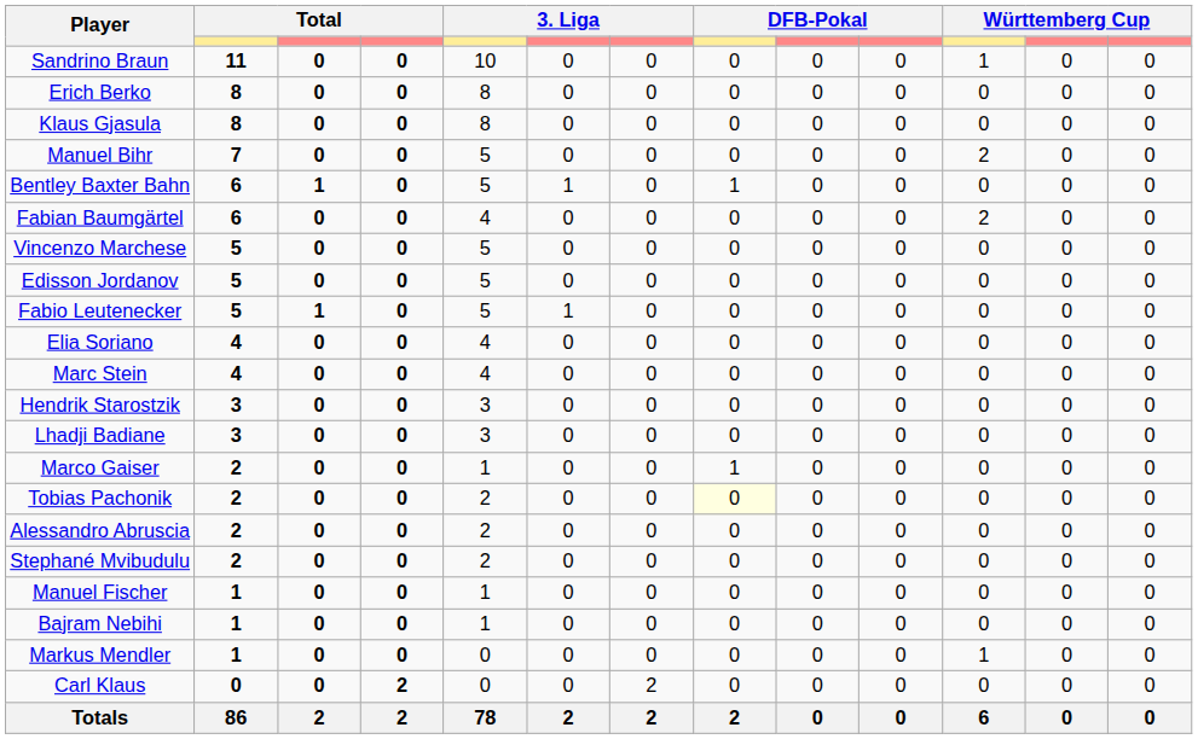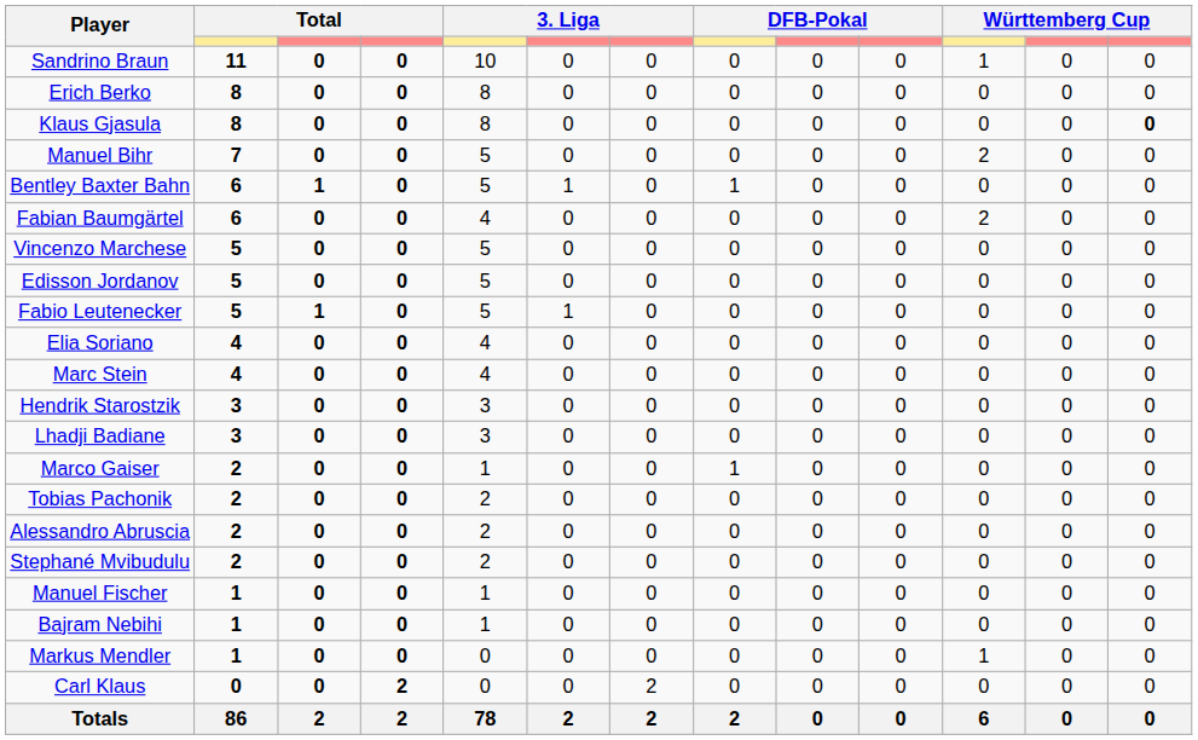 <table class="wikitable" style="text-align:center;">
 <tr style="text-align:center;">
 <th rowspan="2">Player</th>
 <th colspan="3">Total</th>
 <th colspan="3"><a href='#'>3. Liga</a></th>
 <th colspan="3"><a href='#'>DFB-Pokal</a></th>
 <th colspan="3"><a href='#'>Württemberg Cup</a></th>
 </tr>
 <tr>
 <th style="width:60px; background:#fe9;"></th>
 <th style="width:60px; background:#ff8888;"></th>
 <th style="width:60px; background:#ff8888;"></th>
 <th style="width:60px; background:#fe9;"></th>
 <th style="width:60px; background:#ff8888;"></th>
 <th style="width:60px; background:#ff8888;"></th>
 <th style="width:60px; background:#fe9;"></th>
 <th style="width:60px; background:#ff8888;"></th>
 <th style="width:60px; background:#ff8888;"></th>
 <th style="width:60px; background:#fe9;"></th>
 <th style="width:60px; background:#ff8888;"></th>
 <th style="width:60px; background:#ff8888;"></th>
 </tr>
 <tr>
 <td><a href='#'>Sandrino Braun</a></td>
 <td><strong>11</strong> </td>
 <td><strong>0</strong> </td>
 <td><strong>0</strong> </td>
 <td>10 </td>
 <td>0 </td>
 <td>0 </td>
 <td>0 </td>
 <td>0 </td>
 <td>0 </td>
 <td>1 </td>
 <td>0 </td>
 <td>0 </td>
 </tr>
 <tr>
 <td><a href='#'>Erich Berko</a></td>
 <td><strong>8</strong> </td>
 <td><strong>0</strong> </td>
 <td><strong>0</strong> </td>
 <td>8 </td>
 <td>0 </td>
 <td>0 </td>
 <td>0 </td>
 <td>0 </td>
 <td>0 </td>
 <td>0 </td>
 <td>0 </td>
 <td>0 </td>
 </tr>
 <tr>
 <td><a href='#'>Klaus Gjasula</a></td>
 <td><strong>8</strong> </td>
 <td><strong>0</strong> </td>
 <td><strong>0</strong> </td>
 <td>8 </td>
 <td>0 </td>
 <td>0 </td>
 <td>0 </td>
 <td>0 </td>
 <td>0 </td>
 <td>0 </td>
 <td>0 </td>
-<td>0 </td>
+<td><strong>0 </strong></td>
 </tr>
 <tr>
 <td><a href='#'>Manuel Bihr</a></td>
 <td><strong>7</strong> </td>
 <td><strong>0</strong> </td>
 <td><strong>0</strong> </td>
 <td>5 </td>
 <td>0 </td>
 <td>0 </td>
 <td>0 </td>
 <td>0 </td>
 <td>0 </td>
 <td>2 </td>
 <td>0 </td>
 <td>0 </td>
 </tr>
 <tr>
 <td><a href='#'>Bentley Baxter Bahn</a></td>
 <td><strong>6</strong> </td>
 <td><strong>1</strong> </td>
 <td><strong>0</strong> </td>
 <td>5 </td>
 <td>1 </td>
 <td>0 </td>
 <td>1 </td>
 <td>0 </td>
 <td>0 </td>
 <td>0 </td>
 <td>0 </td>
 <td>0 </td>
 </tr>
 <tr>
 <td><a href='#'>Fabian Baumgärtel</a></td>
 <td><strong>6</strong> </td>
 <td><strong>0</strong> </td>
 <td><strong>0</strong> </td>
 <td>4 </td>
 <td>0 </td>
 <td>0 </td>
 <td>0 </td>
 <td>0 </td>
 <td>0 </td>
 <td>2 </td>
 <td>0 </td>
 <td>0 </td>
 </tr>
 <tr>
 <td><a href='#'>Vincenzo Marchese</a></td>
 <td><strong>5</strong> </td>
 <td><strong>0</strong> </td>
 <td><strong>0</strong> </td>
 <td>5 </td>
 <td>0 </td>
 <td>0 </td>
 <td>0 </td>
 <td>0 </td>
 <td>0 </td>
 <td>0 </td>
 <td>0 </td>
 <td>0 </td>
 </tr>
 <tr>
 <td><a href='#'>Edisson Jordanov</a></td>
 <td><strong>5</strong> </td>
 <td><strong>0</strong> </td>
 <td><strong>0</strong> </td>
 <td>5 </td>
 <td>0 </td>
 <td>0 </td>
 <td>0 </td>
 <td>0 </td>
 <td>0 </td>
 <td>0 </td>
 <td>0 </td>
 <td>0 </td>
 </tr>
 <tr>
 <td><a href='#'>Fabio Leutenecker</a></td>
 <td><strong>5</strong> </td>
 <td><strong>1</strong> </td>
 <td><strong>0</strong> </td>
 <td>5 </td>
 <td>1 </td>
 <td>0 </td>
 <td>0 </td>
 <td>0 </td>
 <td>0 </td>
 <td>0 </td>
 <td>0 </td>
 <td>0 </td>
 </tr>
 <tr>
 <td><a href='#'>Elia Soriano</a></td>
 <td><strong>4</strong> </td>
 <td><strong>0</strong> </td>
 <td><strong>0</strong> </td>
 <td>4 </td>
 <td>0 </td>
 <td>0 </td>
 <td>0 </td>
 <td>0 </td>
 <td>0 </td>
 <td>0 </td>
 <td>0 </td>
 <td>0 </td>
 </tr>
 <tr>
 <td><a href='#'>Marc Stein</a></td>
 <td><strong>4</strong> </td>
 <td><strong>0</strong> </td>
 <td><strong>0</strong> </td>
 <td>4 </td>
 <td>0 </td>
 <td>0 </td>
 <td>0 </td>
 <td>0 </td>
 <td>0 </td>
 <td>0 </td>
 <td>0 </td>
 <td>0 </td>
 </tr>
 <tr>
 <td><a href='#'>Hendrik Starostzik</a></td>
 <td><strong>3</strong> </td>
 <td><strong>0</strong> </td>
 <td><strong>0</strong> </td>
 <td>3 </td>
 <td>0 </td>
 <td>0 </td>
 <td>0 </td>
 <td>0 </td>
 <td>0 </td>
 <td>0 </td>
 <td>0 </td>
 <td>0 </td>
 </tr>
 <tr>
 <td><a href='#'>Lhadji Badiane</a></td>
 <td><strong>3</strong> </td>
 <td><strong>0</strong> </td>
 <td><strong>0</strong> </td>
 <td>3 </td>
 <td>0 </td>
 <td>0 </td>
 <td>0 </td>
 <td>0 </td>
 <td>0 </td>
 <td>0 </td>
 <td>0 </td>
 <td>0 </td>
 </tr>
 <tr>
 <td><a href='#'>Marco Gaiser</a></td>
 <td><strong>2</strong> </td>
 <td><strong>0</strong> </td>
 <td><strong>0</strong> </td>
 <td>1 </td>
 <td>0 </td>
 <td>0 </td>
 <td>1 </td>
 <td>0 </td>
 <td>0 </td>
 <td>0 </td>
 <td>0 </td>
 <td>0 </td>
 </tr>
 <tr>
 <td><a href='#'>Tobias Pachonik</a></td>
 <td><strong>2</strong> </td>
 <td><strong>0</strong> </td>
 <td><strong>0</strong> </td>
 <td>2 </td>
 <td>0 </td>
 <td>0 </td>
-<td style="background: lightyellow;">0 </td>
+<td>0 </td>
 <td>0 </td>
 <td>0 </td>
 <td>0 </td>
 <td>0 </td>
 <td>0 </td>
 </tr>
 <tr>
 <td><a href='#'>Alessandro Abruscia</a></td>
 <td><strong>2</strong> </td>
 <td><strong>0</strong> </td>
 <td><strong>0</strong> </td>
 <td>2 </td>
 <td>0 </td>
 <td>0 </td>
 <td>0 </td>
 <td>0 </td>
 <td>0 </td>
 <td>0 </td>
 <td>0 </td>
 <td>0 </td>
 </tr>
 <tr>
 <td><a href='#'>Stephané Mvibudulu</a></td>
 <td><strong>2</strong> </td>
 <td><strong>0</strong> </td>
 <td><strong>0</strong> </td>
 <td>2 </td>
 <td>0 </td>
 <td>0 </td>
 <td>0 </td>
 <td>0 </td>
 <td>0 </td>
 <td>0 </td>
 <td>0 </td>
 <td>0 </td>
 </tr>
 <tr>
 <td><a href='#'>Manuel Fischer</a></td>
 <td><strong>1</strong> </td>
 <td><strong>0</strong> </td>
 <td><strong>0</strong> </td>
 <td>1 </td>
 <td>0 </td>
 <td>0 </td>
 <td>0 </td>
 <td>0 </td>
 <td>0 </td>
 <td>0 </td>
 <td>0 </td>
 <td>0 </td>
 </tr>
 <tr>
 <td><a href='#'>Bajram Nebihi</a></td>
 <td><strong>1</strong> </td>
 <td><strong>0</strong> </td>
 <td><strong>0</strong> </td>
 <td>1 </td>
 <td>0 </td>
 <td>0 </td>
 <td>0 </td>
 <td>0 </td>
 <td>0 </td>
 <td>0 </td>
 <td>0 </td>
 <td>0 </td>
 </tr>
 <tr>
 <td><a href='#'>Markus Mendler</a></td>
 <td><strong>1</strong> </td>
 <td><strong>0</strong> </td>
 <td><strong>0</strong> </td>
 <td>0 </td>
 <td>0 </td>
 <td>0 </td>
 <td>0 </td>
 <td>0 </td>
 <td>0 </td>
 <td>1 </td>
 <td>0 </td>
 <td>0 </td>
 </tr>
 <tr>
 <td><a href='#'>Carl Klaus</a></td>
 <td><strong>0</strong> </td>
 <td><strong>0</strong> </td>
 <td><strong>2</strong> </td>
 <td>0 </td>
 <td>0 </td>
 <td>2 </td>
 <td>0 </td>
 <td>0 </td>
 <td>0 </td>
 <td>0 </td>
 <td>0 </td>
 <td>0 </td>
 </tr>
 <tr>
 <th>Totals</th>
 <th>86 </th>
 <th>2 </th>
 <th>2 </th>
 <th>78 </th>
 <th>2 </th>
 <th>2 </th>
 <th>2 </th>
 <th>0 </th>
 <th>0 </th>
 <th>6 </th>
 <th>0 </th>
 <th>0 </th>
 </tr>
 </table>
